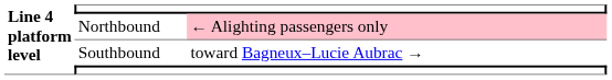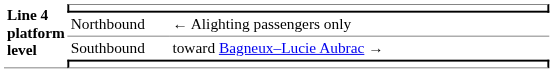 <table border=0 cellspacing=0 cellpadding=3>
 <tr>
 <td style="border-bottom:solid 1px gray;" width=50 rowspan=10 valign=top><strong>Line 4 platform level</strong></td>
 <td style="border-top:solid 1px gray;border-right:solid 2px black;border-left:solid 2px black;border-bottom:solid 2px black;text-align:center;" colspan=2></td>
 </tr>
 <tr>
 <td style="border-bottom:solid 1px gray;" width=100>Northbound</td>
-<td style="background: pink; border-bottom:solid 1px gray;" width=390>←   Alighting passengers only</td>
+<td style="border-bottom:solid 1px gray;" width=390>←   Alighting passengers only</td>
 </tr>
 <tr>
 <td>Southbound</td>
 <td>   toward <a href='#'>Bagneux–Lucie Aubrac</a>  →</td>
 </tr>
 <tr>
 <td style="border-top:solid 2px black;border-right:solid 2px black;border-left:solid 2px black;border-bottom:solid 1px gray;text-align:center;" colspan=2></td>
 </tr>
 </table>
